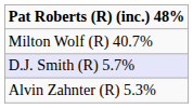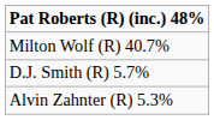 <table class="wikitable">
 <tr>
 <td><strong>Pat Roberts (R) (inc.) 48%</strong></td>
 </tr>
 <tr>
 <td>Milton Wolf (R) 40.7%</td>
 </tr>
 <tr>
-<td style="background: lavender;">D.J. Smith (R) 5.7%</td>
+<td>D.J. Smith (R) 5.7%</td>
 </tr>
 <tr>
 <td>Alvin Zahnter (R) 5.3%</td>
 </tr>
 </table>
